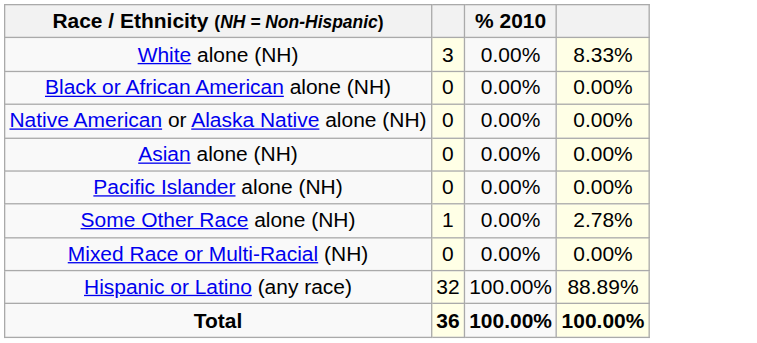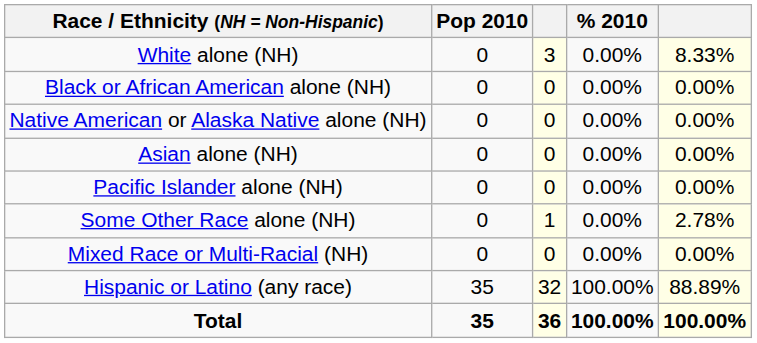 <table class="wikitable" style="text-align:center;">
 <tr>
 <th>Race / Ethnicity <small>(<em>NH = Non-Hispanic</em>)</small></th>
+<th>Pop 2010</th>
 <th></th>
 <th>% 2010</th>
 <th></th>
 </tr>
 <tr>
 <td><a href='#'>White</a> alone (NH)</td>
+<td>0</td>
 <td style='background: #ffffe6;'>3</td>
 <td>0.00%</td>
 <td style='background: #ffffe6;'>8.33%</td>
 </tr>
 <tr>
 <td><a href='#'>Black or African American</a> alone (NH)</td>
+<td>0</td>
 <td style='background: #ffffe6;'>0</td>
 <td>0.00%</td>
 <td style='background: #ffffe6;'>0.00%</td>
 </tr>
 <tr>
 <td><a href='#'>Native American</a> or <a href='#'>Alaska Native</a> alone (NH)</td>
+<td>0</td>
 <td style='background: #ffffe6;'>0</td>
 <td>0.00%</td>
 <td style='background: #ffffe6;'>0.00%</td>
 </tr>
 <tr>
 <td><a href='#'>Asian</a> alone (NH)</td>
+<td>0</td>
 <td style='background: #ffffe6;'>0</td>
 <td>0.00%</td>
 <td style='background: #ffffe6;'>0.00%</td>
 </tr>
 <tr>
 <td><a href='#'>Pacific Islander</a> alone (NH)</td>
+<td>0</td>
 <td style='background: #ffffe6;'>0</td>
 <td>0.00%</td>
 <td style='background: #ffffe6;'>0.00%</td>
 </tr>
 <tr>
 <td><a href='#'>Some Other Race</a> alone (NH)</td>
+<td>0</td>
 <td style='background: #ffffe6;'>1</td>
 <td>0.00%</td>
 <td style='background: #ffffe6;'>2.78%</td>
 </tr>
 <tr>
 <td><a href='#'>Mixed Race or Multi-Racial</a> (NH)</td>
+<td>0</td>
 <td style='background: #ffffe6;'>0</td>
 <td>0.00%</td>
 <td style='background: #ffffe6;'>0.00%</td>
 </tr>
 <tr>
 <td><a href='#'>Hispanic or Latino</a> (any race)</td>
+<td>35</td>
 <td style='background: #ffffe6;'>32</td>
 <td>100.00%</td>
 <td style='background: #ffffe6;'>88.89%</td>
 </tr>
 <tr>
 <td><strong>Total</strong></td>
+<td><strong>35</strong></td>
 <td style='background: #ffffe6;'><strong>36</strong></td>
 <td><strong>100.00%</strong></td>
 <td style='background: #ffffe6;'><strong>100.00%</strong></td>
 </tr>
 </table>
